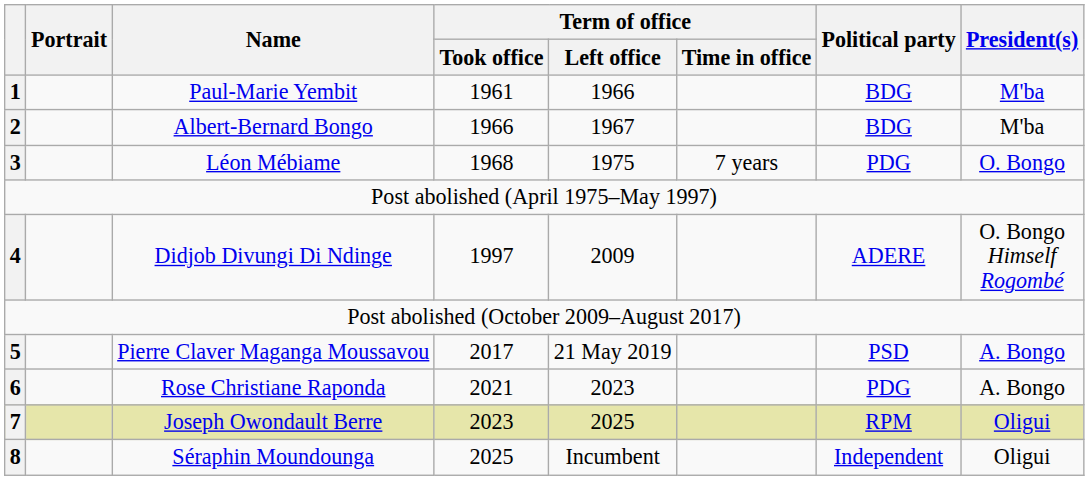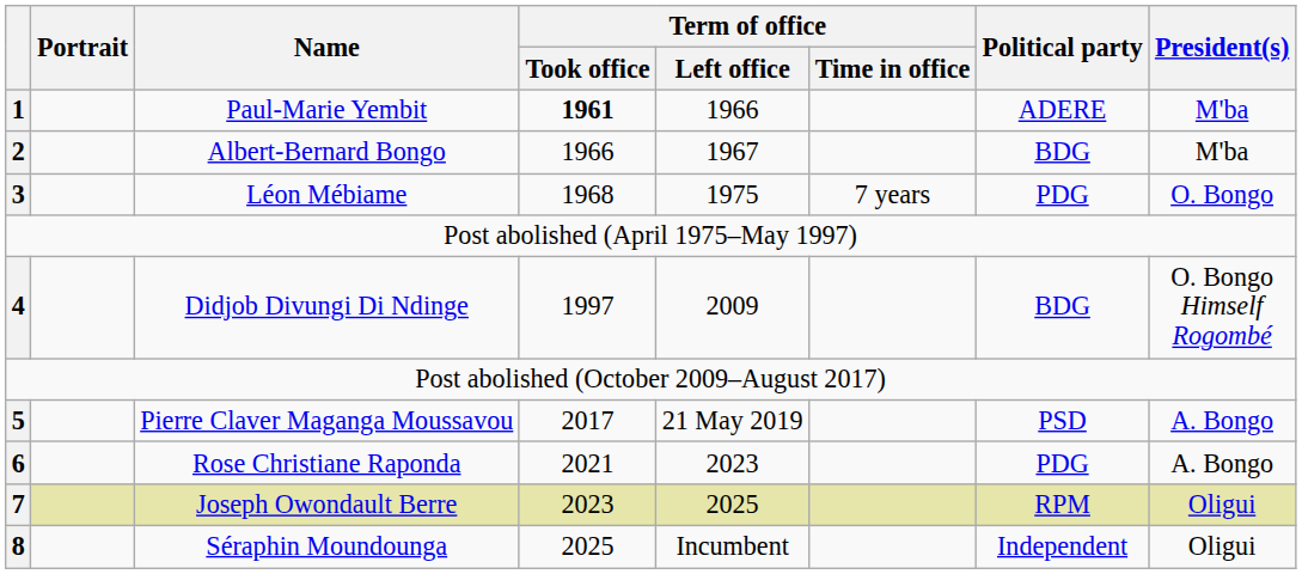 <table class="wikitable" style="text-align:center">
 <tr>
 <th rowspan="2"></th>
 <th rowspan="2">Portrait</th>
 <th rowspan="2">Name<br></th>
 <th colspan="3">Term of office</th>
 <th rowspan="2">Political party</th>
 <th rowspan="2"><a href='#'>President(s)</a></th>
 </tr>
 <tr>
 <th>Took office</th>
 <th>Left office</th>
 <th>Time in office</th>
 </tr>
 <tr>
 <th style="background:">1</th>
 <td></td>
 <td><a href='#'>Paul-Marie Yembit</a><br></td>
-<td> 1961</td>
+<td><strong> 1961</strong></td>
 <td> 1966</td>
 <td></td>
-<td><a href='#'>BDG</a></td>
+<td><a href='#'>ADERE</a></td>
 <td><a href='#'>M'ba</a></td>
 </tr>
 <tr>
 <th style="background:">2</th>
 <td></td>
 <td><a href='#'>Albert-Bernard Bongo</a><br></td>
 <td> 1966</td>
 <td> 1967</td>
 <td></td>
 <td><a href='#'>BDG</a></td>
 <td>M'ba</td>
 </tr>
 <tr>
 <th style="background:">3</th>
 <td></td>
 <td><a href='#'>Léon Mébiame</a><br></td>
 <td>1968</td>
 <td> 1975</td>
 <td>7 years</td>
 <td><a href='#'>PDG</a></td>
 <td><a href='#'>O. Bongo</a></td>
 </tr>
 <tr>
 <td colspan="8">Post abolished (April 1975–May 1997)</td>
 </tr>
 <tr>
 <th style="background:">4</th>
 <td></td>
 <td><a href='#'>Didjob Divungi Di Ndinge</a><br></td>
 <td> 1997</td>
 <td> 2009</td>
 <td></td>
-<td><a href='#'>ADERE</a></td>
+<td><a href='#'>BDG</a></td>
 <td>O. Bongo<br><em>Himself</em><br><a href='#'><em>Rogombé</em></a></td>
 </tr>
 <tr>
 <td colspan="8">Post abolished (October 2009–August 2017)</td>
 </tr>
 <tr>
 <th style="background:">5</th>
 <td></td>
 <td><a href='#'>Pierre Claver Maganga Moussavou</a><br></td>
 <td> 2017</td>
 <td>21 May 2019</td>
 <td></td>
 <td><a href='#'>PSD</a></td>
 <td><a href='#'>A. Bongo</a></td>
 </tr>
 <tr>
 <th style="background:">6</th>
 <td></td>
 <td><a href='#'>Rose Christiane Raponda</a><br></td>
 <td> 2021</td>
 <td> 2023<br></td>
 <td></td>
 <td><a href='#'>PDG</a></td>
 <td>A. Bongo</td>
 </tr>
 <tr style="background:#e6e6aa;">
 <th style="background:">7</th>
 <td></td>
 <td><a href='#'>Joseph Owondault Berre</a><br></td>
 <td> 2023</td>
 <td> 2025</td>
 <td></td>
 <td><a href='#'>RPM</a></td>
 <td><a href='#'>Oligui</a></td>
 </tr>
 <tr>
 <th style="background:">8</th>
 <td></td>
 <td><a href='#'>Séraphin Moundounga</a><br></td>
 <td> 2025</td>
 <td>Incumbent</td>
 <td></td>
 <td><a href='#'>Independent</a></td>
 <td>Oligui</td>
 </tr>
 </table>
